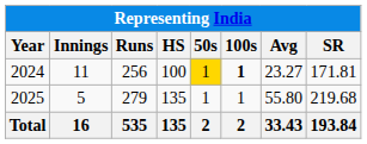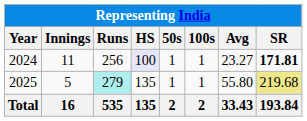 <table class="wikitable" style="text-align:center;">
 <tr>
 <th colspan=11 style="background:#0889E6; color:#FFFFFF">Representing <a href='#'><span>India</span></a></th>
 </tr>
 <tr>
 <th>Year</th>
 <th>Innings</th>
 <th>Runs</th>
 <th>HS</th>
 <th>50s</th>
 <th>100s</th>
 <th>Avg</th>
 <th>SR</th>
 </tr>
 <tr>
 <td>2024</td>
 <td>11</td>
 <td>256</td>
-<td>100</td>
-<td style="background: gold;">1</td>
-<td><strong>1</strong></td>
+<td style="background: lavender;">100</td>
+<td>1</td>
+<td>1</td>
 <td>23.27</td>
-<td>171.81</td>
+<td><strong>171.81</strong></td>
 </tr>
 <tr>
 <td>2025</td>
 <td>5</td>
-<td>279</td>
+<td style="background: paleturquoise;">279</td>
 <td>135</td>
 <td>1</td>
 <td>1</td>
 <td>55.80</td>
-<td>219.68</td>
+<td style="background: khaki;">219.68</td>
 </tr>
 <tr>
 <th>Total</th>
 <th>16</th>
 <th>535</th>
 <th>135</th>
 <th>2</th>
 <th>2</th>
 <th>33.43</th>
 <th>193.84</th>
 </tr>
 </table>
